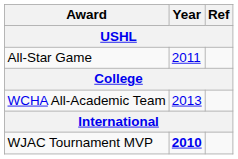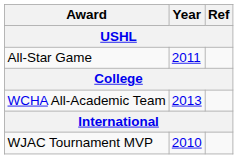 <table class="wikitable">
 <tr>
 <th>Award</th>
 <th>Year</th>
 <th>Ref</th>
 </tr>
 <tr>
 <th colspan="3"><a href='#'>USHL</a></th>
 </tr>
 <tr>
 <td>All-Star Game</td>
 <td><a href='#'>2011</a></td>
 <td></td>
 </tr>
 <tr>
 <th colspan="3"><a href='#'>College</a></th>
 </tr>
 <tr>
 <td><a href='#'>WCHA</a> All-Academic Team</td>
 <td><a href='#'>2013</a></td>
 <td></td>
 </tr>
 <tr>
 <th colspan="3"><a href='#'>International</a></th>
 </tr>
 <tr>
 <td>WJAC Tournament MVP</td>
-<td><strong><a href='#'>2010</a></strong></td>
+<td><a href='#'>2010</a></td>
 <td></td>
 </tr>
 </table>
